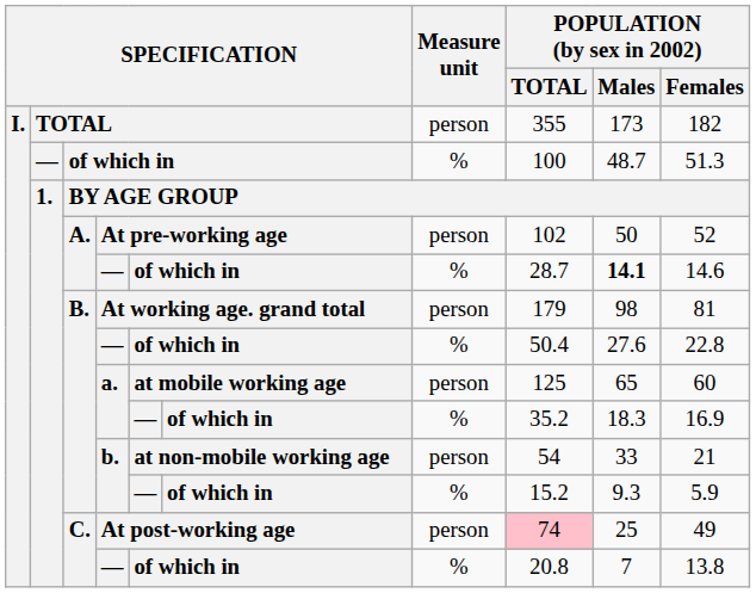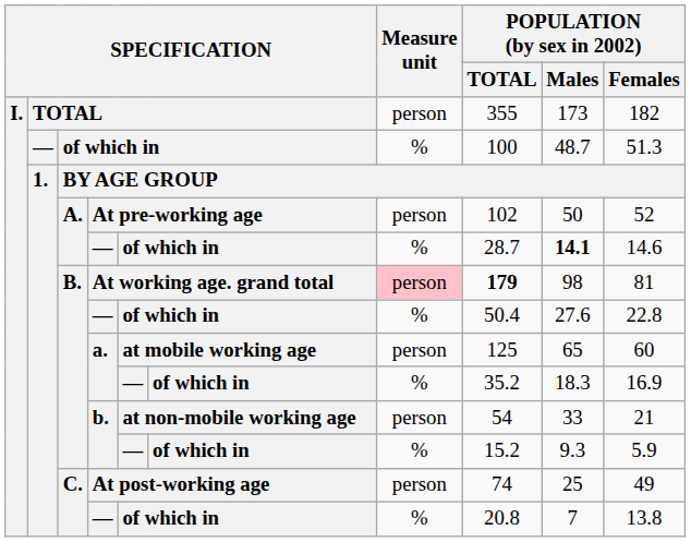 <table class="wikitable" style="font-size:85%; text-align:center">
 <tr>
 <th rowspan="2" colspan="6">SPECIFICATION</th>
 <th rowspan="2">Measure<br> unit</th>
 <th colspan="3" rowspan="1">POPULATION<br> (by sex in 2002)</th>
 </tr>
 <tr>
 <th>TOTAL</th>
 <th>Males</th>
 <th>Females</th>
 </tr>
 <tr>
 <th style="text-align:left" valign="top" rowspan="13">I.</th>
 <th style="text-align:left" colspan="5">TOTAL</th>
 <td>person</td>
 <td>355</td>
 <td>173</td>
 <td>182</td>
 </tr>
 <tr>
 <th style="text-align:left" valign="top">—</th>
 <th style="text-align:left" colspan="4">of which in</th>
 <td>%</td>
 <td>100</td>
 <td>48.7</td>
 <td>51.3</td>
 </tr>
 <tr>
 <th style="text-align:left" valign="top" rowspan="11">1.</th>
 <th style="text-align:left" colspan="19">BY AGE GROUP</th>
 </tr>
 <tr>
 <th style="text-align:left" valign="top" rowspan="2">A.</th>
 <th style="text-align:left" colspan="3">At pre-working age</th>
 <td>person</td>
 <td>102</td>
 <td>50</td>
 <td>52</td>
 </tr>
 <tr>
 <th style="text-align:left" valign="top">—</th>
 <th style="text-align:left" valign="top" colspan="2">of which in</th>
 <td>%</td>
 <td>28.7</td>
 <td><strong>14.1</strong></td>
 <td>14.6</td>
 </tr>
 <tr>
 <th style="text-align:left" valign="top" rowspan="6">B.</th>
 <th style="text-align:left" colspan="3">At working age. grand total</th>
-<td>person</td>
-<td>179</td>
+<td style="background: pink;">person</td>
+<td><strong>179</strong></td>
 <td>98</td>
 <td>81</td>
 </tr>
 <tr>
 <th style="text-align:left" valign="top">—</th>
 <th style="text-align:left" valign="top" colspan="2">of which in</th>
 <td>%</td>
 <td>50.4</td>
 <td>27.6</td>
 <td>22.8</td>
 </tr>
 <tr>
 <th style="text-align:left" valign="top" rowspan="2">a.</th>
 <th style="text-align:left" colspan="2">at mobile working age</th>
 <td>person</td>
 <td>125</td>
 <td>65</td>
 <td>60</td>
 </tr>
 <tr>
 <th style="text-align:left" valign="top">—</th>
 <th style="text-align:left" valign="top" colspan="1">of which in                        </th>
 <td>%</td>
 <td>35.2</td>
 <td>18.3</td>
 <td>16.9</td>
 </tr>
 <tr>
 <th style="text-align:left" valign="top" rowspan="2">b.</th>
 <th style="text-align:left" colspan="2">at non-mobile working age</th>
 <td>person</td>
 <td>54</td>
 <td>33</td>
 <td>21</td>
 </tr>
 <tr>
 <th style="text-align:left" valign="top">—</th>
 <th style="text-align:left" valign="top" colspan="1">of which in                        </th>
 <td>%</td>
 <td>15.2</td>
 <td>9.3</td>
 <td>5.9</td>
 </tr>
 <tr>
 <th style="text-align:left" valign="top" rowspan="2">C.</th>
 <th style="text-align:left" colspan="3">At post-working age</th>
 <td>person</td>
-<td style="background: pink;">74</td>
+<td>74</td>
 <td>25</td>
 <td>49</td>
 </tr>
 <tr>
 <th style="text-align:left" valign="top">—</th>
 <th style="text-align:left" valign="top" colspan="2">of which in</th>
 <td>%</td>
 <td>20.8</td>
 <td>7</td>
 <td>13.8</td>
 </tr>
 </table>
